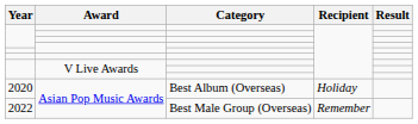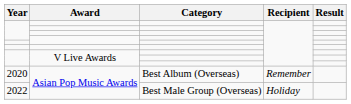 <table class="wikitable">
 <tr>
 <th>Year</th>
 <th>Award</th>
 <th>Category</th>
 <th>Recipient</th>
 <th>Result</th>
 </tr>
 <tr>
 <td rowspan="4"></td>
 <td></td>
 <td></td>
 <td rowspan="9"></td>
 <td></td>
 </tr>
 <tr>
 <td></td>
 <td></td>
 <td></td>
 </tr>
 <tr>
 <td></td>
 <td></td>
 <td></td>
 </tr>
 <tr>
 <td rowspan="2"></td>
 <td></td>
 <td></td>
 </tr>
 <tr>
 <td></td>
 <td></td>
 <td></td>
 </tr>
 <tr>
 <td></td>
 <td></td>
 <td></td>
 <td></td>
 </tr>
 <tr>
 <td rowspan="3"></td>
 <td rowspan="3" align="center">V Live Awards</td>
 <td></td>
 <td></td>
 </tr>
 <tr>
 <td></td>
 <td></td>
 </tr>
 <tr>
 <td></td>
 <td></td>
 </tr>
 <tr>
 <td align=center>2020</td>
 <td align=center rowspan="2"><a href='#'>Asian Pop Music Awards</a></td>
 <td>Best Album (Overseas)</td>
-<td><em>Holiday</em></td>
+<td><em>Remember</em></td>
 <td></td>
 </tr>
 <tr>
 <td>2022</td>
 <td align=center>Best Male Group (Overseas)</td>
-<td><em>Remember</em></td>
+<td><em>Holiday</em></td>
 <td></td>
 </tr>
 </table>
